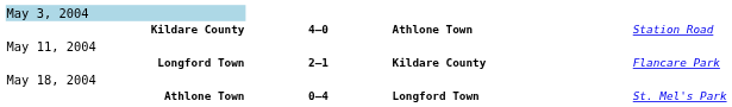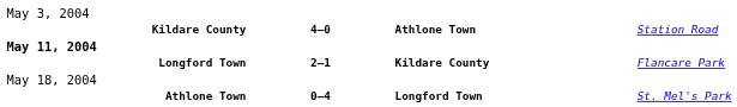 <table width=100% cellspacing=1>
 <tr>
 <th width=20%></th>
 <th width=12%></th>
 <th width=20%></th>
 <th></th>
 </tr>
 <tr>
-<td style="background: lightblue;">May 3, 2004</td>
+<td>May 3, 2004</td>
 </tr>
 <tr style=font-size:90%>
 <td align=right><strong>Kildare County</strong></td>
 <td align=center><strong>4–0</strong></td>
 <td><strong>Athlone Town</strong></td>
 <td><em><a href='#'>Station Road</a></em></td>
 </tr>
 <tr>
-<td>May 11, 2004</td>
+<td><strong>May 11, 2004</strong></td>
 </tr>
 <tr style=font-size:90%>
 <td align=right><strong>Longford Town</strong></td>
 <td align=center><strong>2–1</strong></td>
 <td><strong>Kildare County</strong></td>
 <td><em><a href='#'>Flancare Park</a></em></td>
 </tr>
 <tr>
 <td>May 18, 2004</td>
 </tr>
 <tr style=font-size:90%>
 <td align=right><strong>Athlone Town</strong></td>
 <td align=center><strong>0–4</strong></td>
 <td><strong>Longford Town</strong></td>
 <td><em><a href='#'>St. Mel's Park</a></em></td>
 </tr>
 </table>
